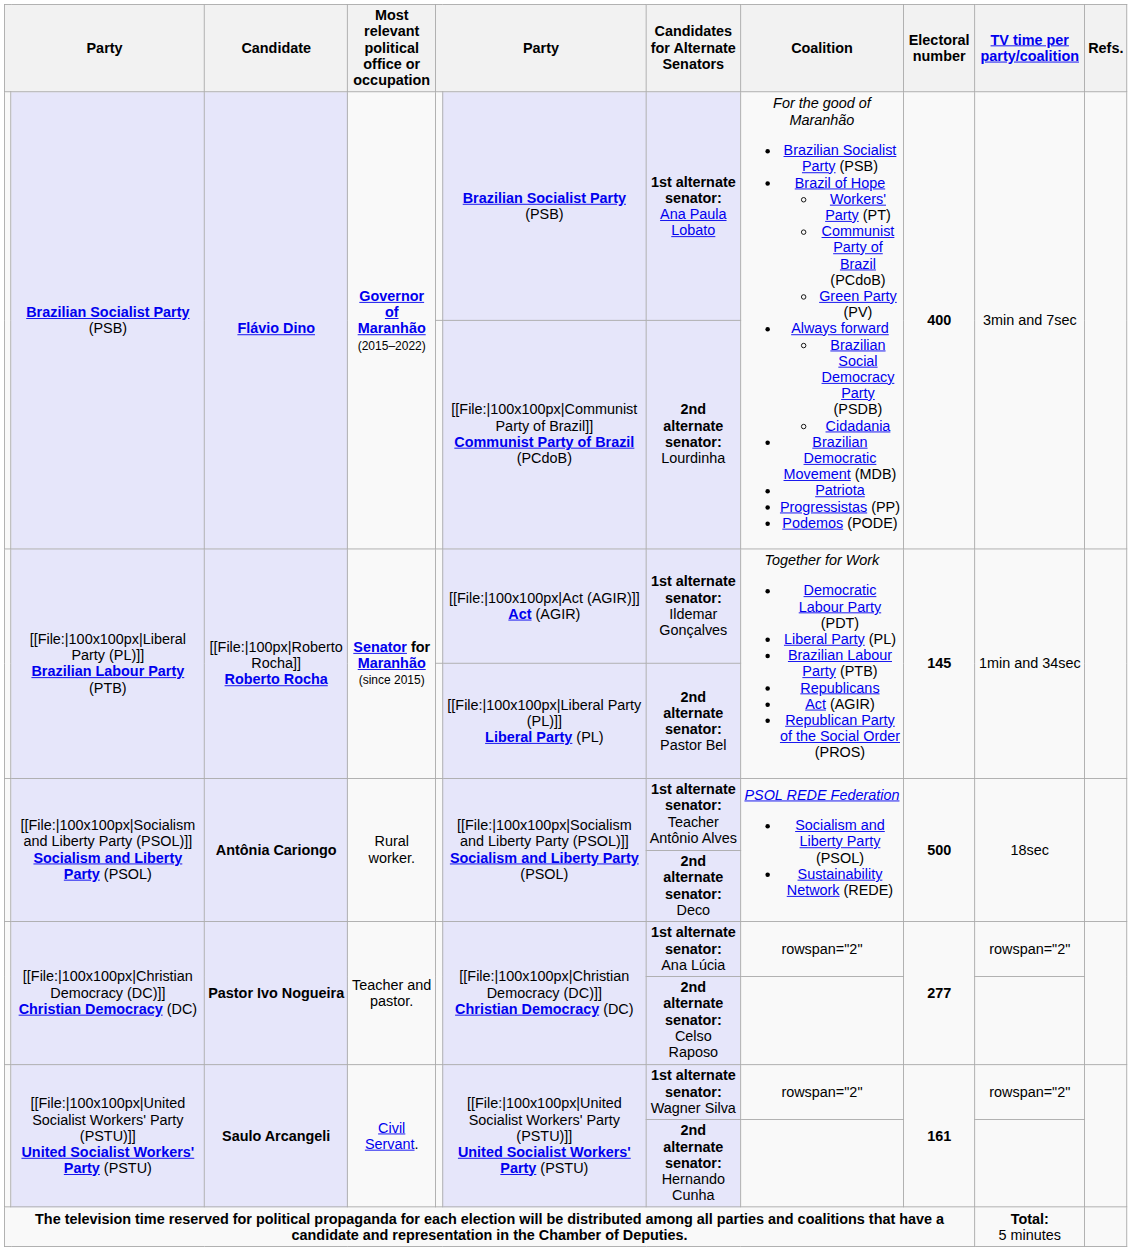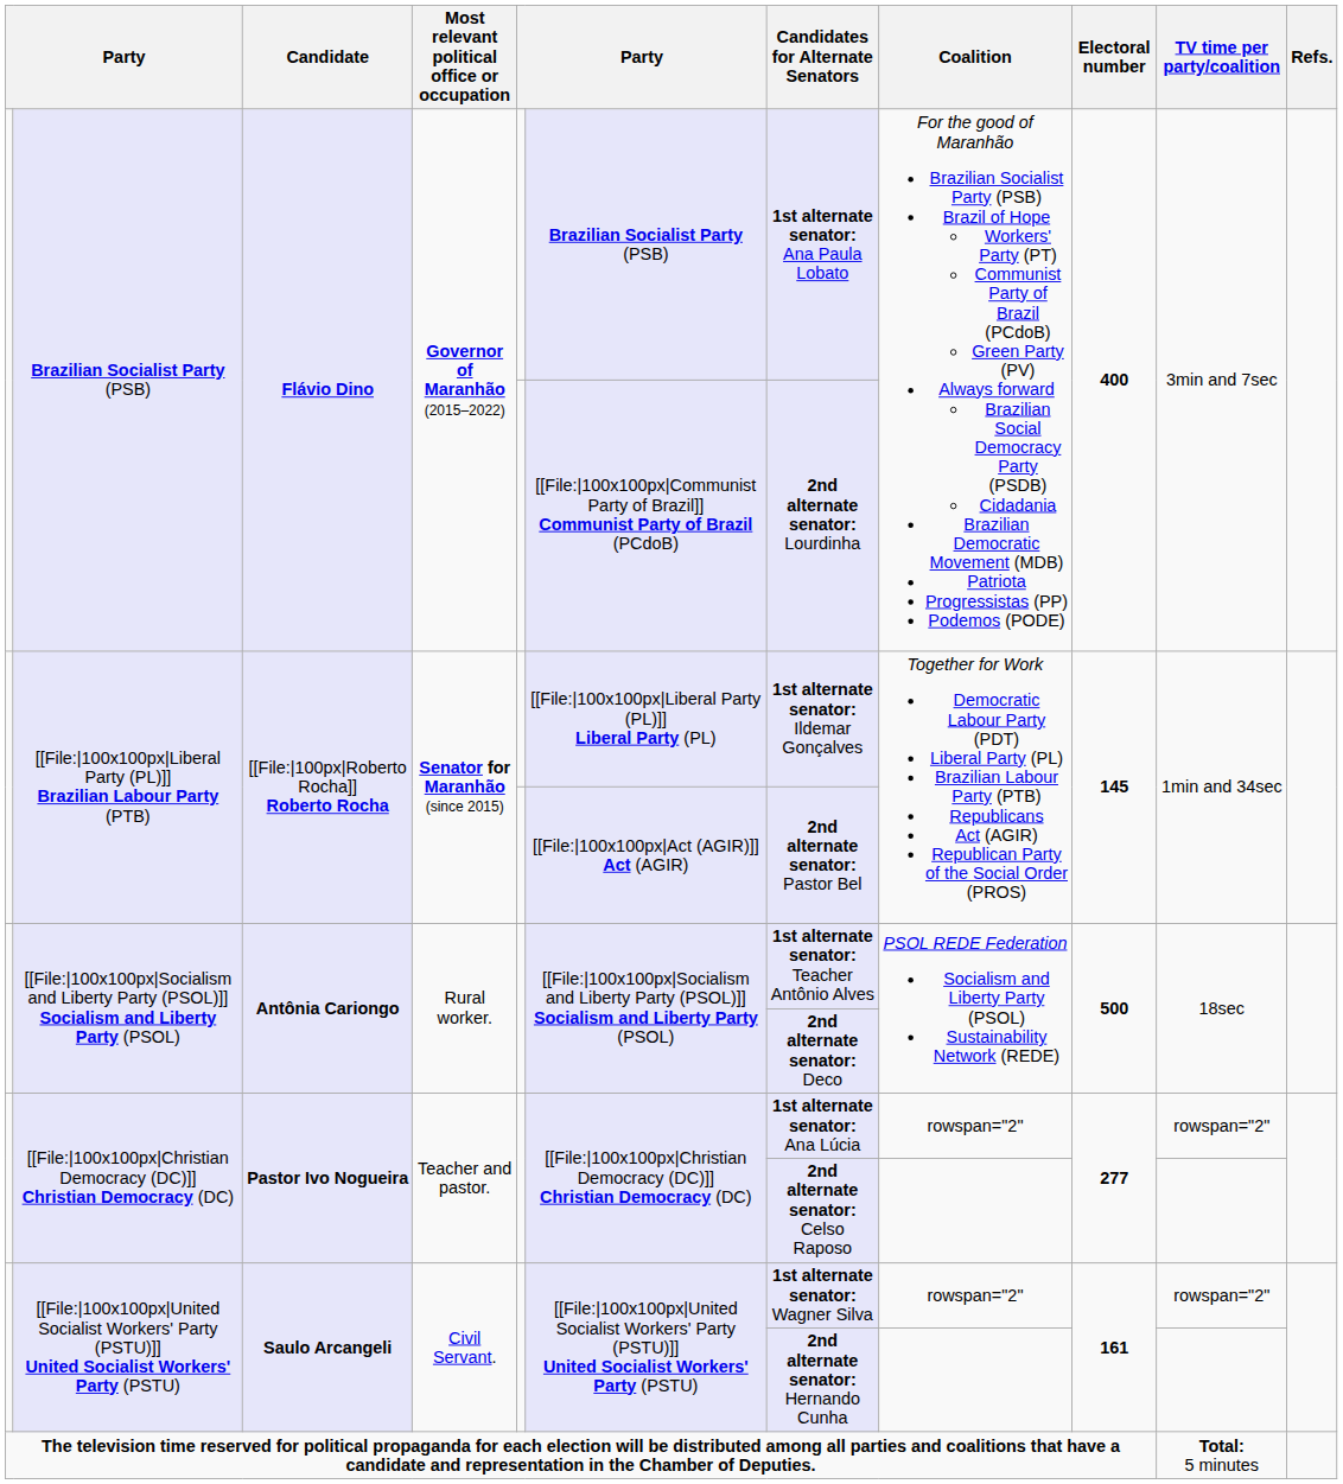 <table class="wikitable" style="text-align:center">
 <tr>
 <th colspan="2">Party</th>
 <th>Candidate</th>
 <th style="max-width:10em">Most relevant political office or occupation</th>
 <th colspan="2">Party</th>
 <th>Candidates for Alternate Senators</th>
 <th>Coalition</th>
 <th>Electoral number</th>
 <th><a href='#'>TV time per party/coalition</a></th>
 <th>Refs.</th>
 </tr>
 <tr>
 <td rowspan="2" style="background:"></td>
 <td rowspan="2" style="background:lavender;"><strong><a href='#'>Brazilian Socialist Party</a></strong> (PSB)</td>
 <td rowspan="2" style="background:lavender;"><br><strong><a href='#'>Flávio Dino</a></strong></td>
 <td rowspan="2" style="max-width:10em"><strong><a href='#'>Governor of Maranhão</a></strong><br><small>(2015–2022)</small></td>
 <td style="background:"></td>
 <td style="background:lavender;"><strong><a href='#'>Brazilian Socialist Party</a></strong> (PSB)</td>
 <td style="background:lavender;"><strong>1st alternate senator:</strong><br><a href='#'>Ana Paula Lobato</a></td>
 <td rowspan="2"><em>For the good of Maranhão</em><br><ul><li><a href='#'>Brazilian Socialist Party</a> (PSB)</li><li><a href='#'>Brazil of Hope</a><ul><li><a href='#'>Workers' Party</a> (PT)</li><li><a href='#'>Communist Party of Brazil</a> (PCdoB)</li><li><a href='#'>Green Party</a> (PV)</li></ul></li><li><a href='#'>Always forward</a><ul><li><a href='#'>Brazilian Social Democracy Party</a> (PSDB)</li><li><a href='#'>Cidadania</a></li></ul></li><li><a href='#'>Brazilian Democratic Movement</a> (MDB)</li><li><a href='#'>Patriota</a></li><li><a href='#'>Progressistas</a> (PP)</li><li><a href='#'>Podemos</a> (PODE)</li></ul></td>
 <td rowspan="2"><strong>400</strong></td>
 <td rowspan="2">3min and 7sec</td>
 <td rowspan="2"></td>
 </tr>
 <tr>
 <td style="background:"></td>
 <td style="background:lavender;">[[File:|100x100px|Communist Party of Brazil]]<br><strong><a href='#'>Communist Party of Brazil</a></strong> (PCdoB)</td>
 <td style="background:lavender;"><strong>2nd alternate senator:</strong><br>Lourdinha</td>
 </tr>
 <tr>
 <td rowspan="2" style="background:"></td>
 <td rowspan="2" style="background:lavender;">[[File:|100x100px|Liberal Party (PL)]]<br><strong><a href='#'>Brazilian Labour Party</a></strong> (PTB)</td>
 <td rowspan="2" style="background:lavender;">[[File:|100px|Roberto Rocha]]<br><strong><a href='#'>Roberto Rocha</a></strong></td>
 <td rowspan="2"><strong><a href='#'>Senator</a> for <a href='#'>Maranhão</a></strong><br><small>(since 2015)</small></td>
 <td style="background:"></td>
-<td style="background:lavender;">[[File:|100x100px|Act (AGIR)]]<br><strong><a href='#'>Act</a></strong> (AGIR)</td>
+<td style="background:lavender;">[[File:|100x100px|Liberal Party (PL)]]<br><strong><a href='#'>Liberal Party</a></strong> (PL)</td>
 <td style="background:lavender;"><strong>1st alternate senator:</strong><br>Ildemar Gonçalves</td>
 <td rowspan="2"><em>Together for Work</em><br><ul><li><a href='#'>Democratic Labour Party</a> (PDT)</li><li><a href='#'>Liberal Party</a> (PL)</li><li><a href='#'>Brazilian Labour Party</a> (PTB)</li><li><a href='#'>Republicans</a></li><li><a href='#'>Act</a> (AGIR)</li><li><a href='#'>Republican Party of the Social Order</a> (PROS)</li></ul></td>
 <td rowspan="2"><strong>145</strong></td>
 <td rowspan="2">1min and 34sec</td>
 <td rowspan="2"></td>
 </tr>
 <tr>
 <td style="background:"></td>
-<td style="background:lavender;">[[File:|100x100px|Liberal Party (PL)]]<br><strong><a href='#'>Liberal Party</a></strong> (PL)</td>
+<td style="background:lavender;">[[File:|100x100px|Act (AGIR)]]<br><strong><a href='#'>Act</a></strong> (AGIR)</td>
 <td style="background:lavender;"><strong>2nd alternate senator:</strong><br>Pastor Bel</td>
 </tr>
 <tr>
 <td rowspan="2" style="background:"></td>
 <td rowspan="2" style="background:lavender;">[[File:|100x100px|Socialism and Liberty Party (PSOL)]]<br><strong><a href='#'>Socialism and Liberty Party</a></strong> (PSOL)</td>
 <td rowspan="2" style="background:lavender;"><strong>Antônia Cariongo</strong></td>
 <td rowspan="2">Rural worker.</td>
 <td rowspan="2" style="background:"></td>
 <td rowspan="2" style="background:lavender;">[[File:|100x100px|Socialism and Liberty Party (PSOL)]]<br><strong><a href='#'>Socialism and Liberty Party</a></strong> (PSOL)</td>
 <td style="background:lavender;"><strong>1st alternate senator:</strong><br>Teacher Antônio Alves</td>
 <td rowspan="2"><em><a href='#'>PSOL REDE Federation</a></em><br><ul><li><a href='#'>Socialism and Liberty Party</a> (PSOL)</li><li><a href='#'>Sustainability Network</a> (REDE)</li></ul></td>
 <td rowspan="2"><strong>500</strong></td>
 <td rowspan="2">18sec</td>
 <td rowspan="2"></td>
 </tr>
 <tr>
 <td style="background:lavender;"><strong>2nd alternate senator:</strong><br>Deco</td>
 </tr>
 <tr>
 <td rowspan="2" style="background:"></td>
 <td rowspan="2" style="background:lavender;">[[File:|100x100px|Christian Democracy (DC)]]<br><strong><a href='#'>Christian Democracy</a></strong> (DC)</td>
 <td rowspan="2" style="background:lavender;"><strong>Pastor Ivo Nogueira</strong></td>
 <td rowspan="2">Teacher and pastor.</td>
 <td rowspan="2" style="background:"></td>
 <td rowspan="2" style="background:lavender;">[[File:|100x100px|Christian Democracy (DC)]]<br><strong><a href='#'>Christian Democracy</a></strong> (DC)</td>
 <td style="background:lavender;"><strong>1st alternate senator:</strong><br>Ana Lúcia</td>
 <td>rowspan="2" </td>
 <td rowspan="2"><strong>277</strong></td>
 <td>rowspan="2" </td>
 <td rowspan="2"></td>
 </tr>
 <tr>
 <td style="background:lavender;"><strong>2nd alternate senator:</strong><br>Celso Raposo</td>
 </tr>
 <tr>
 <td rowspan="2" style="background:"></td>
 <td rowspan="2" style="background:lavender;">[[File:|100x100px|United Socialist Workers' Party (PSTU)]]<br><strong><a href='#'>United Socialist Workers' Party</a></strong> (PSTU)</td>
 <td rowspan="2" style="background:lavender;"><strong>Saulo Arcangeli</strong></td>
 <td rowspan="2"><a href='#'>Civil Servant</a>.</td>
 <td rowspan="2" style="background:"></td>
 <td rowspan="2" style="background:lavender;">[[File:|100x100px|United Socialist Workers' Party (PSTU)]]<br><strong><a href='#'>United Socialist Workers' Party</a></strong> (PSTU)</td>
 <td style="background:lavender;"><strong>1st alternate senator:</strong><br>Wagner Silva</td>
 <td>rowspan="2" </td>
 <td rowspan="2"><strong>161</strong></td>
 <td>rowspan="2" </td>
 <td rowspan="2"></td>
 </tr>
 <tr>
 <td style="background:lavender;"><strong>2nd alternate senator:</strong><br>Hernando Cunha</td>
 </tr>
 <tr>
 <td colspan="9"><strong>The television time reserved for political propaganda for each election will be distributed among all parties and coalitions that have a candidate and representation in the Chamber of Deputies.</strong></td>
 <td><strong>Total:</strong><br>5 minutes</td>
 <td></td>
 </tr>
 </table>
